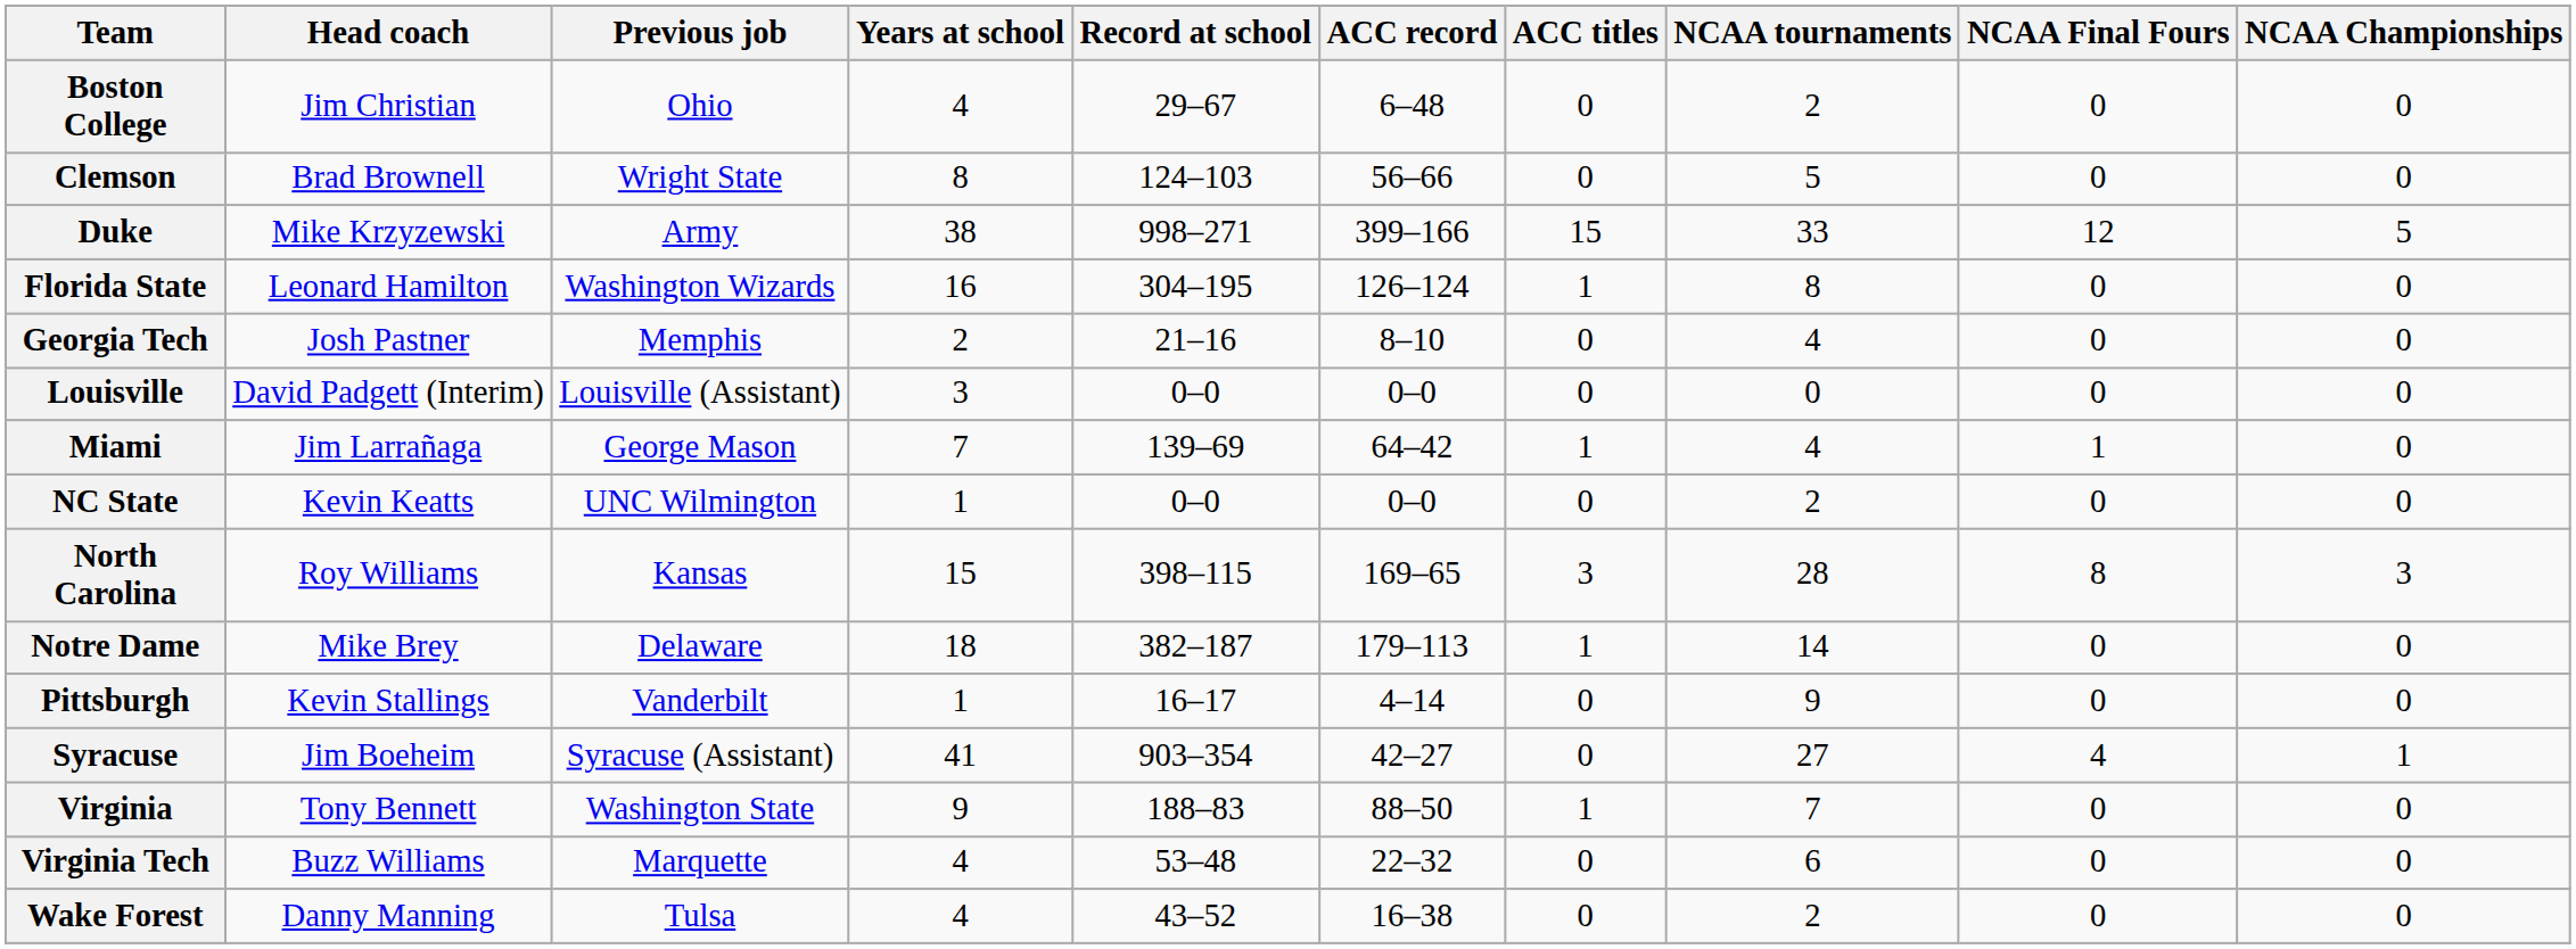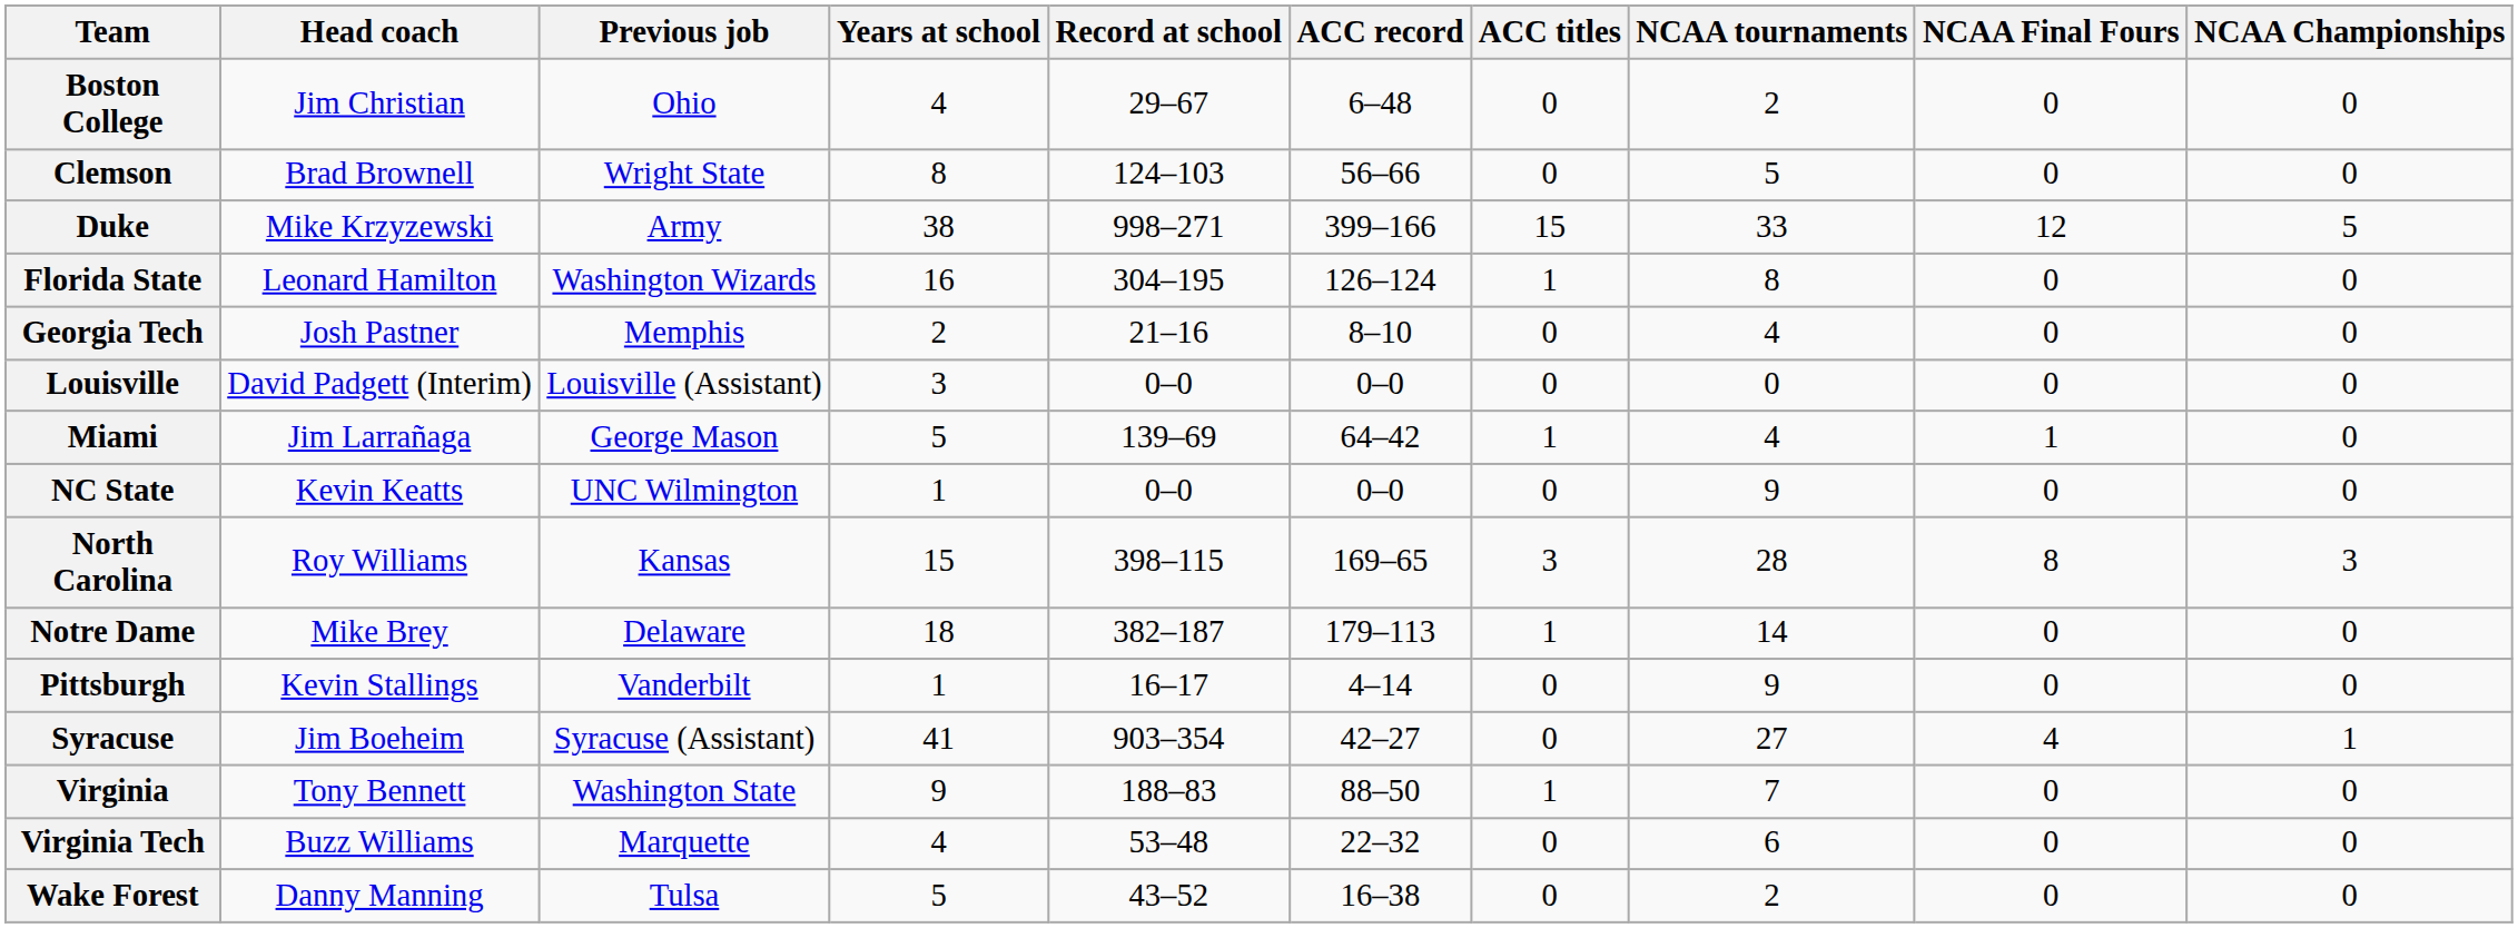 <table class="wikitable sortable" style="text-align: center;font-size:90%;">
 <tr>
 <th width="90">Team</th>
 <th>Head coach</th>
 <th>Previous job</th>
 <th>Years at school</th>
 <th>Record at school</th>
 <th>ACC record</th>
 <th>ACC titles</th>
 <th>NCAA tournaments</th>
 <th>NCAA Final Fours</th>
 <th>NCAA Championships</th>
 </tr>
 <tr>
 <th style=>Boston College</th>
 <td><a href='#'>Jim Christian</a></td>
 <td><a href='#'>Ohio</a></td>
 <td>4</td>
 <td>29–67</td>
 <td>6–48</td>
 <td>0</td>
 <td>2</td>
 <td>0</td>
 <td>0</td>
 </tr>
 <tr>
 <th>Clemson</th>
 <td><a href='#'>Brad Brownell</a></td>
 <td><a href='#'>Wright State</a></td>
 <td>8</td>
 <td>124–103</td>
 <td>56–66</td>
 <td>0</td>
 <td>5</td>
 <td>0</td>
 <td>0</td>
 </tr>
 <tr>
 <th>Duke</th>
 <td><a href='#'>Mike Krzyzewski</a></td>
 <td><a href='#'>Army</a></td>
 <td>38</td>
 <td>998–271</td>
 <td>399–166</td>
 <td>15</td>
 <td>33</td>
 <td>12</td>
 <td>5</td>
 </tr>
 <tr>
 <th style=>Florida State</th>
 <td><a href='#'>Leonard Hamilton</a></td>
 <td><a href='#'>Washington Wizards</a></td>
 <td>16</td>
 <td>304–195</td>
 <td>126–124</td>
 <td>1</td>
 <td>8</td>
 <td>0</td>
 <td>0</td>
 </tr>
 <tr>
 <th>Georgia Tech</th>
 <td><a href='#'>Josh Pastner</a></td>
 <td><a href='#'>Memphis</a></td>
 <td>2</td>
 <td>21–16</td>
 <td>8–10</td>
 <td>0</td>
 <td>4</td>
 <td>0</td>
 <td>0</td>
 </tr>
 <tr>
 <th>Louisville</th>
 <td><a href='#'>David Padgett</a> (Interim)</td>
 <td><a href='#'>Louisville</a> (Assistant)</td>
 <td>3</td>
 <td>0–0</td>
 <td>0–0</td>
 <td>0</td>
 <td>0</td>
 <td>0</td>
 <td>0</td>
 </tr>
 <tr>
 <th>Miami</th>
 <td><a href='#'>Jim Larrañaga</a></td>
 <td><a href='#'>George Mason</a></td>
-<td>7</td>
+<td>5</td>
 <td>139–69</td>
 <td>64–42</td>
 <td>1</td>
 <td>4</td>
 <td>1</td>
 <td>0</td>
 </tr>
 <tr>
 <th>NC State</th>
 <td><a href='#'>Kevin Keatts</a></td>
 <td><a href='#'>UNC Wilmington</a></td>
 <td>1</td>
 <td>0–0</td>
 <td>0–0</td>
 <td>0</td>
-<td>2</td>
+<td>9</td>
 <td>0</td>
 <td>0</td>
 </tr>
 <tr>
 <th>North Carolina</th>
 <td><a href='#'>Roy Williams</a></td>
 <td><a href='#'>Kansas</a></td>
 <td>15</td>
 <td>398–115</td>
 <td>169–65</td>
 <td>3</td>
 <td>28</td>
 <td>8</td>
 <td>3</td>
 </tr>
 <tr>
 <th style=>Notre Dame</th>
 <td><a href='#'>Mike Brey</a></td>
 <td><a href='#'>Delaware</a></td>
 <td>18</td>
 <td>382–187</td>
 <td>179–113</td>
 <td>1</td>
 <td>14</td>
 <td>0</td>
 <td>0</td>
 </tr>
 <tr>
 <th style=>Pittsburgh</th>
 <td><a href='#'>Kevin Stallings</a></td>
 <td><a href='#'>Vanderbilt</a></td>
 <td>1</td>
 <td>16–17</td>
 <td>4–14</td>
 <td>0</td>
 <td>9</td>
 <td>0</td>
 <td>0</td>
 </tr>
 <tr>
 <th style=>Syracuse</th>
 <td><a href='#'>Jim Boeheim</a></td>
 <td><a href='#'>Syracuse</a> (Assistant)</td>
 <td>41</td>
 <td>903–354</td>
 <td>42–27</td>
 <td>0</td>
 <td>27</td>
 <td>4</td>
 <td>1</td>
 </tr>
 <tr>
 <th>Virginia</th>
 <td><a href='#'>Tony Bennett</a></td>
 <td><a href='#'>Washington State</a></td>
 <td>9</td>
 <td>188–83</td>
 <td>88–50</td>
 <td>1</td>
 <td>7</td>
 <td>0</td>
 <td>0</td>
 </tr>
 <tr>
 <th>Virginia Tech</th>
 <td><a href='#'>Buzz Williams</a></td>
 <td><a href='#'>Marquette</a></td>
 <td>4</td>
 <td>53–48</td>
 <td>22–32</td>
 <td>0</td>
 <td>6</td>
 <td>0</td>
 <td>0</td>
 </tr>
 <tr>
 <th style=>Wake Forest</th>
 <td><a href='#'>Danny Manning</a></td>
 <td><a href='#'>Tulsa</a></td>
-<td>4</td>
+<td>5</td>
 <td>43–52</td>
 <td>16–38</td>
 <td>0</td>
 <td>2</td>
 <td>0</td>
 <td>0</td>
 </tr>
 </table>
